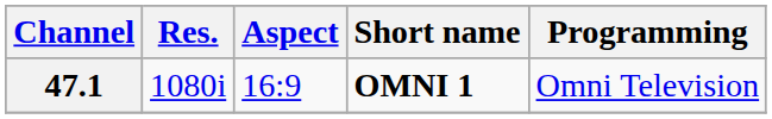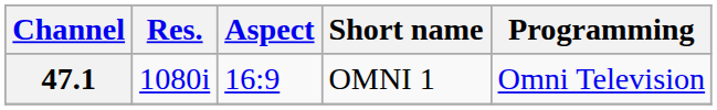 <table class="wikitable">
 <tr>
 <th><a href='#'>Channel</a></th>
 <th><a href='#'>Res.</a></th>
 <th><a href='#'>Aspect</a></th>
 <th>Short name</th>
 <th>Programming</th>
 </tr>
 <tr>
 <th scope = "row">47.1</th>
 <td><a href='#'>1080i</a></td>
 <td><a href='#'>16:9</a></td>
-<td><strong>OMNI 1</strong></td>
+<td>OMNI 1</td>
 <td><a href='#'>Omni Television</a></td>
 </tr>
 <tr>
 </tr>
 </table>
